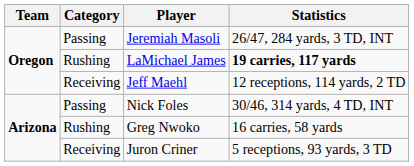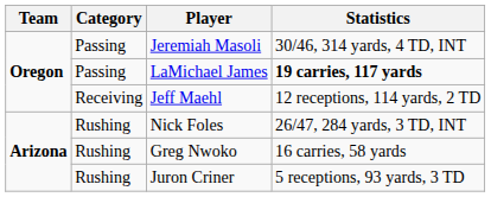 <table class="wikitable" style="float: right;">
 <tr>
 <th>Team</th>
 <th>Category</th>
 <th>Player</th>
 <th>Statistics</th>
 </tr>
 <tr>
 <td rowspan=3><strong>Oregon</strong></td>
 <td>Passing</td>
 <td><a href='#'>Jeremiah Masoli</a></td>
-<td>26/47, 284 yards, 3 TD, INT</td>
+<td>30/46, 314 yards, 4 TD, INT</td>
 </tr>
 <tr>
-<td>Rushing</td>
+<td>Passing</td>
 <td><a href='#'>LaMichael James</a></td>
 <td><strong>19 carries, 117 yards</strong></td>
 </tr>
 <tr>
 <td>Receiving</td>
 <td><a href='#'>Jeff Maehl</a></td>
 <td>12 receptions, 114 yards, 2 TD</td>
 </tr>
 <tr>
 <td rowspan=3><strong>Arizona</strong></td>
-<td>Passing</td>
+<td>Rushing</td>
 <td>Nick Foles</td>
-<td>30/46, 314 yards, 4 TD, INT</td>
+<td>26/47, 284 yards, 3 TD, INT</td>
 </tr>
 <tr>
 <td>Rushing</td>
 <td>Greg Nwoko</td>
 <td>16 carries, 58 yards</td>
 </tr>
 <tr>
-<td>Receiving</td>
+<td>Rushing</td>
 <td>Juron Criner</td>
 <td>5 receptions, 93 yards, 3 TD</td>
 </tr>
 </table>
